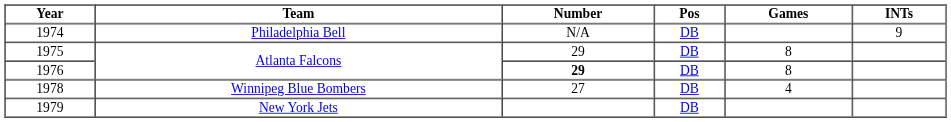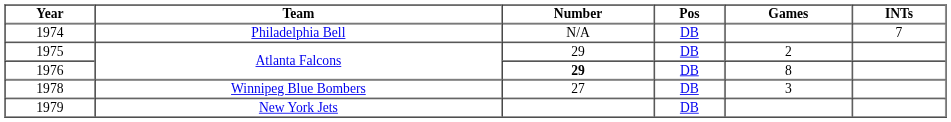 <table cellpadding="1" border="1" cellspacing="0" style="width:70%;">
 <tr>
 <th>Year</th>
 <th>Team</th>
 <th>Number</th>
 <th>Pos</th>
 <th>Games</th>
 <th>INTs</th>
 </tr>
 <tr style="text-align:center;">
 <td>1974</td>
 <td><a href='#'>Philadelphia Bell</a></td>
 <td>N/A</td>
 <td><a href='#'>DB</a></td>
 <td></td>
-<td>9</td>
+<td>7</td>
 </tr>
 <tr style="text-align:center;">
 <td>1975</td>
 <td rowspan="2"><a href='#'>Atlanta Falcons</a></td>
 <td>29</td>
 <td><a href='#'>DB</a></td>
-<td>8</td>
+<td>2</td>
 <td></td>
 </tr>
 <tr style="text-align:center;">
 <td>1976</td>
 <td><strong>29</strong></td>
 <td><a href='#'>DB</a></td>
 <td>8</td>
 <td></td>
 </tr>
 <tr style="text-align:center;">
 <td>1978</td>
 <td><a href='#'>Winnipeg Blue Bombers</a></td>
 <td>27</td>
 <td><a href='#'>DB</a></td>
-<td>4</td>
+<td>3</td>
 <td></td>
 </tr>
 <tr style="text-align:center;">
 <td>1979</td>
 <td><a href='#'>New York Jets</a></td>
 <td></td>
 <td><a href='#'>DB</a></td>
 <td></td>
 <td></td>
 </tr>
 </table>
